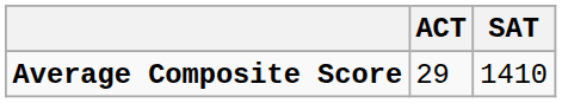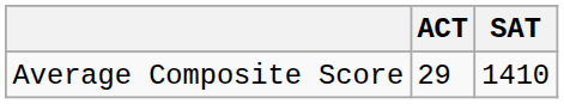 <table class="wikitable sortable">
 <tr>
 <th></th>
 <th>ACT</th>
 <th>SAT</th>
 </tr>
 <tr>
-<td><strong>Average Composite Score</strong></td>
+<td>Average Composite Score</td>
 <td>29</td>
 <td>1410</td>
 </tr>
 </table>
